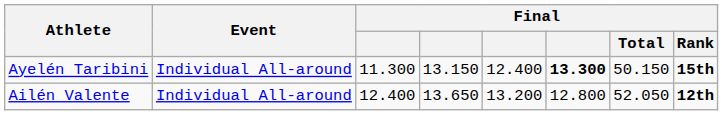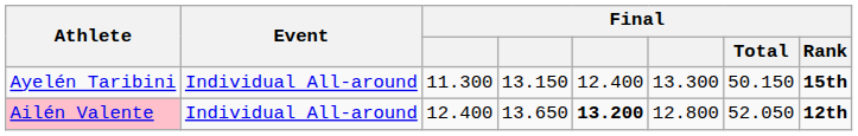 <table class="wikitable" style="font-size:90%">
 <tr>
 <th rowspan="2">Athlete</th>
 <th rowspan="2">Event</th>
 <th colspan = "6">Final</th>
 </tr>
 <tr>
 <th></th>
 <th></th>
 <th></th>
 <th></th>
 <th>Total</th>
 <th>Rank</th>
 </tr>
 <tr>
 <td><a href='#'>Ayelén Taribini</a></td>
 <td><a href='#'>Individual All-around</a></td>
 <td align=center>11.300</td>
 <td align=center>13.150</td>
 <td align=center>12.400</td>
-<td align=center><strong>13.300</strong></td>
+<td align=center>13.300</td>
 <td align=center>50.150</td>
 <td align=center><strong>15th</strong></td>
 </tr>
 <tr>
-<td><a href='#'>Ailén Valente</a></td>
+<td style="background: pink;"><a href='#'>Ailén Valente</a></td>
 <td><a href='#'>Individual All-around</a></td>
 <td align=center>12.400</td>
 <td align=center>13.650</td>
-<td align=center>13.200</td>
+<td align=center><strong>13.200</strong></td>
 <td align=center>12.800</td>
 <td align=center>52.050</td>
 <td align=center><strong>12th</strong></td>
 </tr>
 </table>
